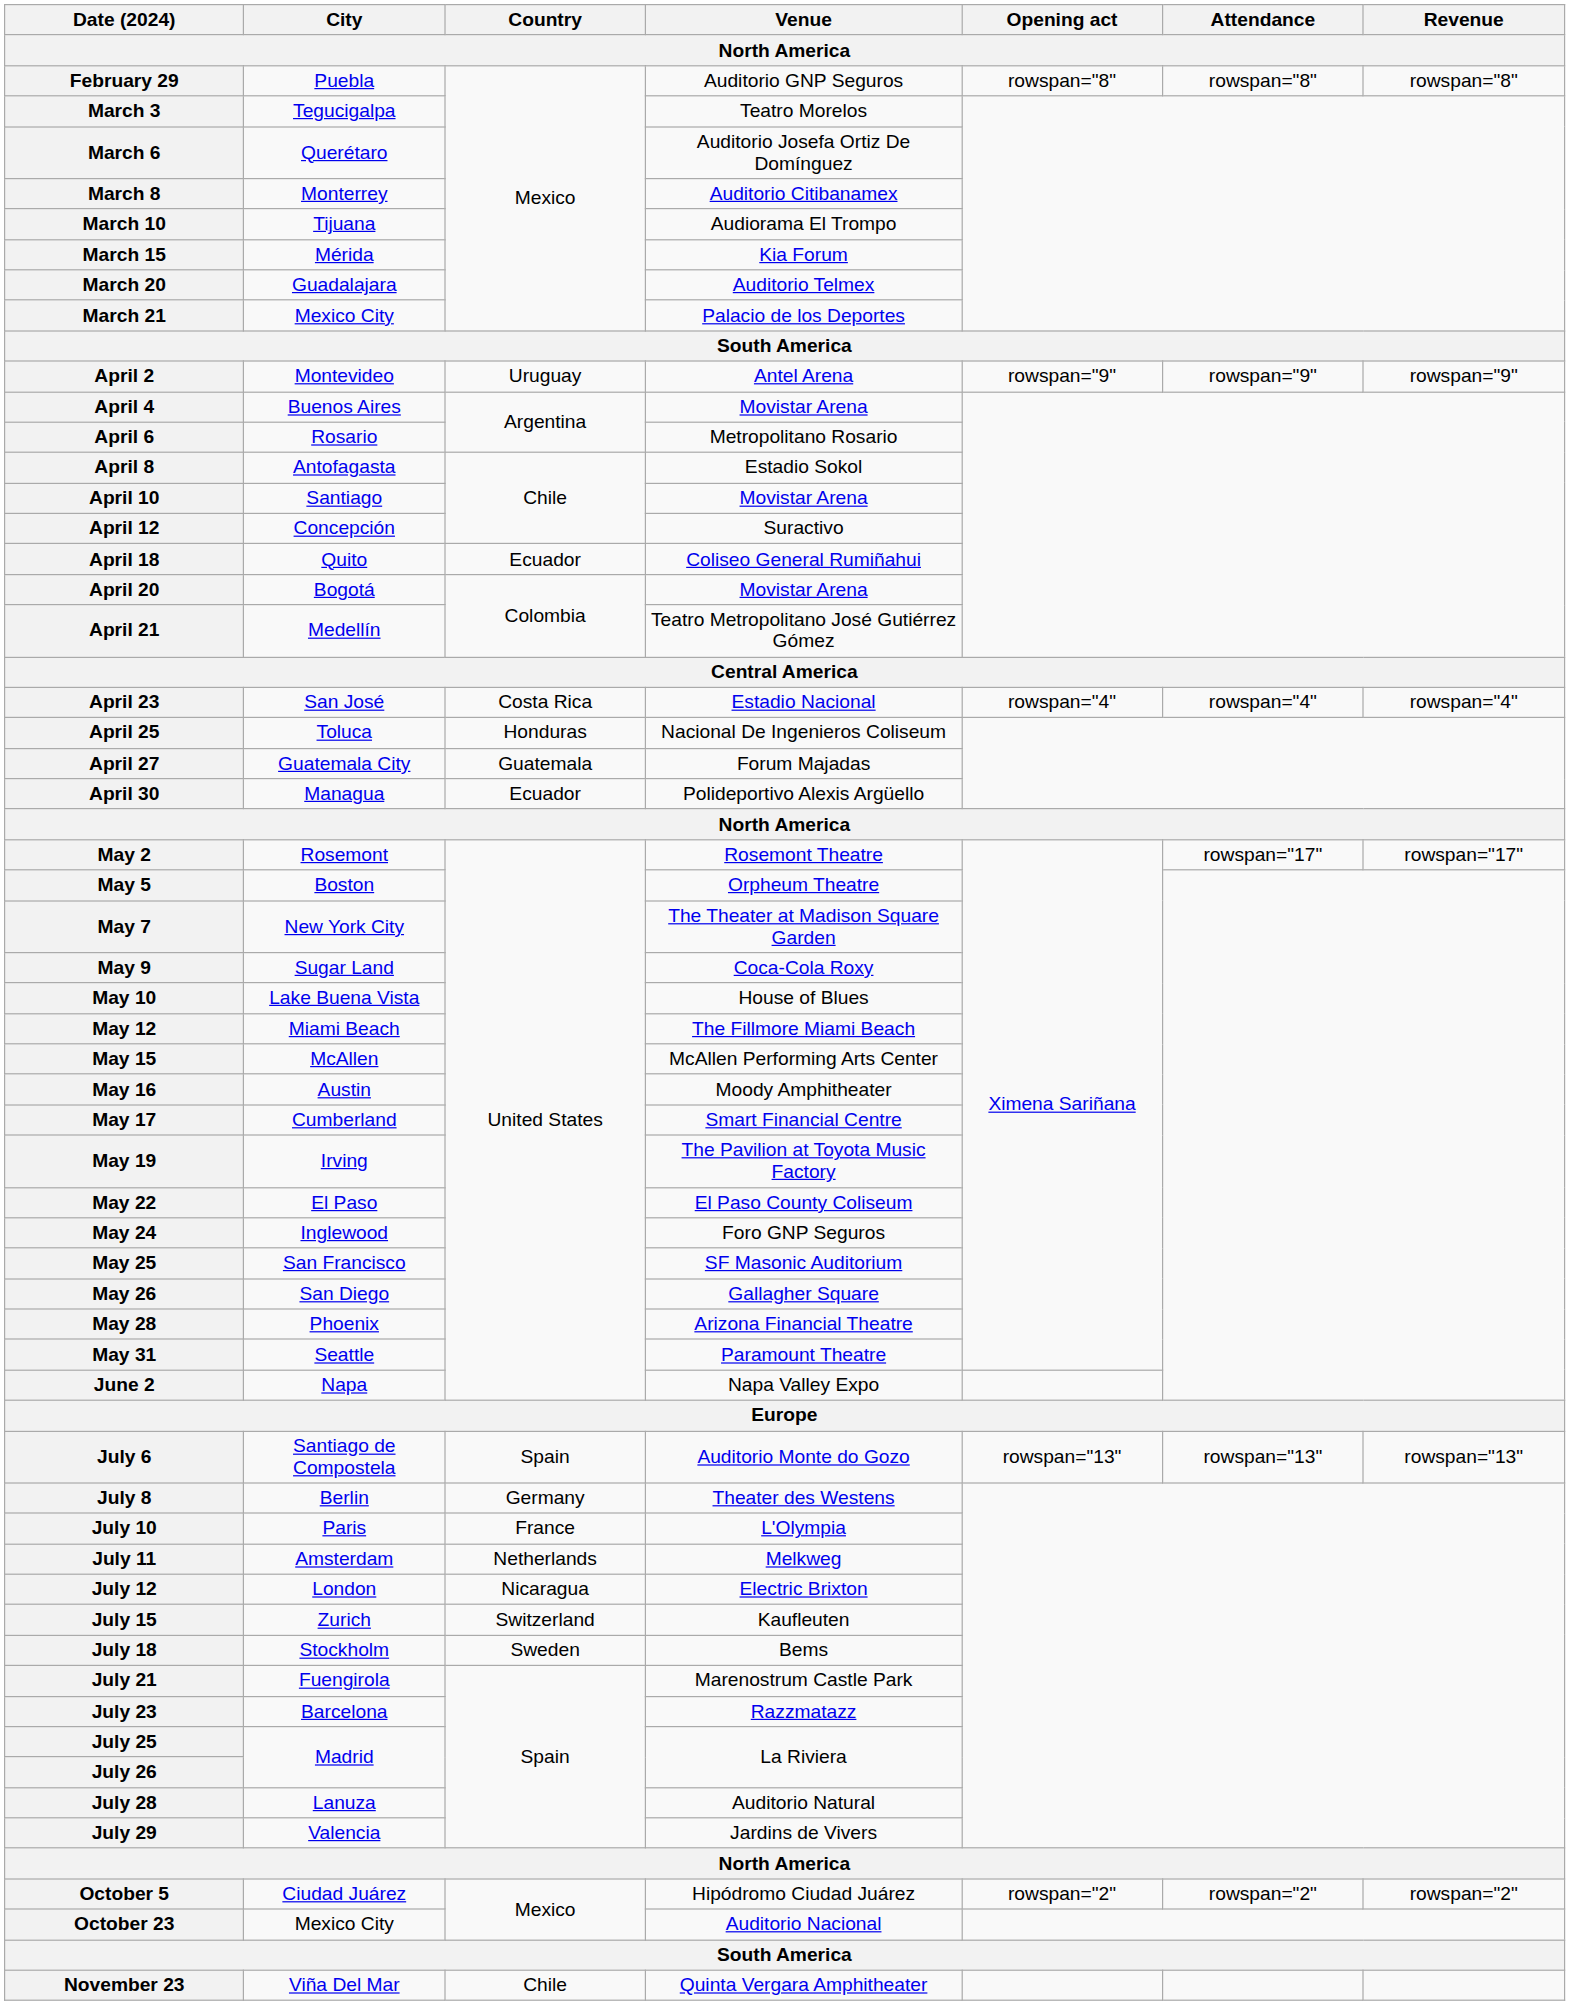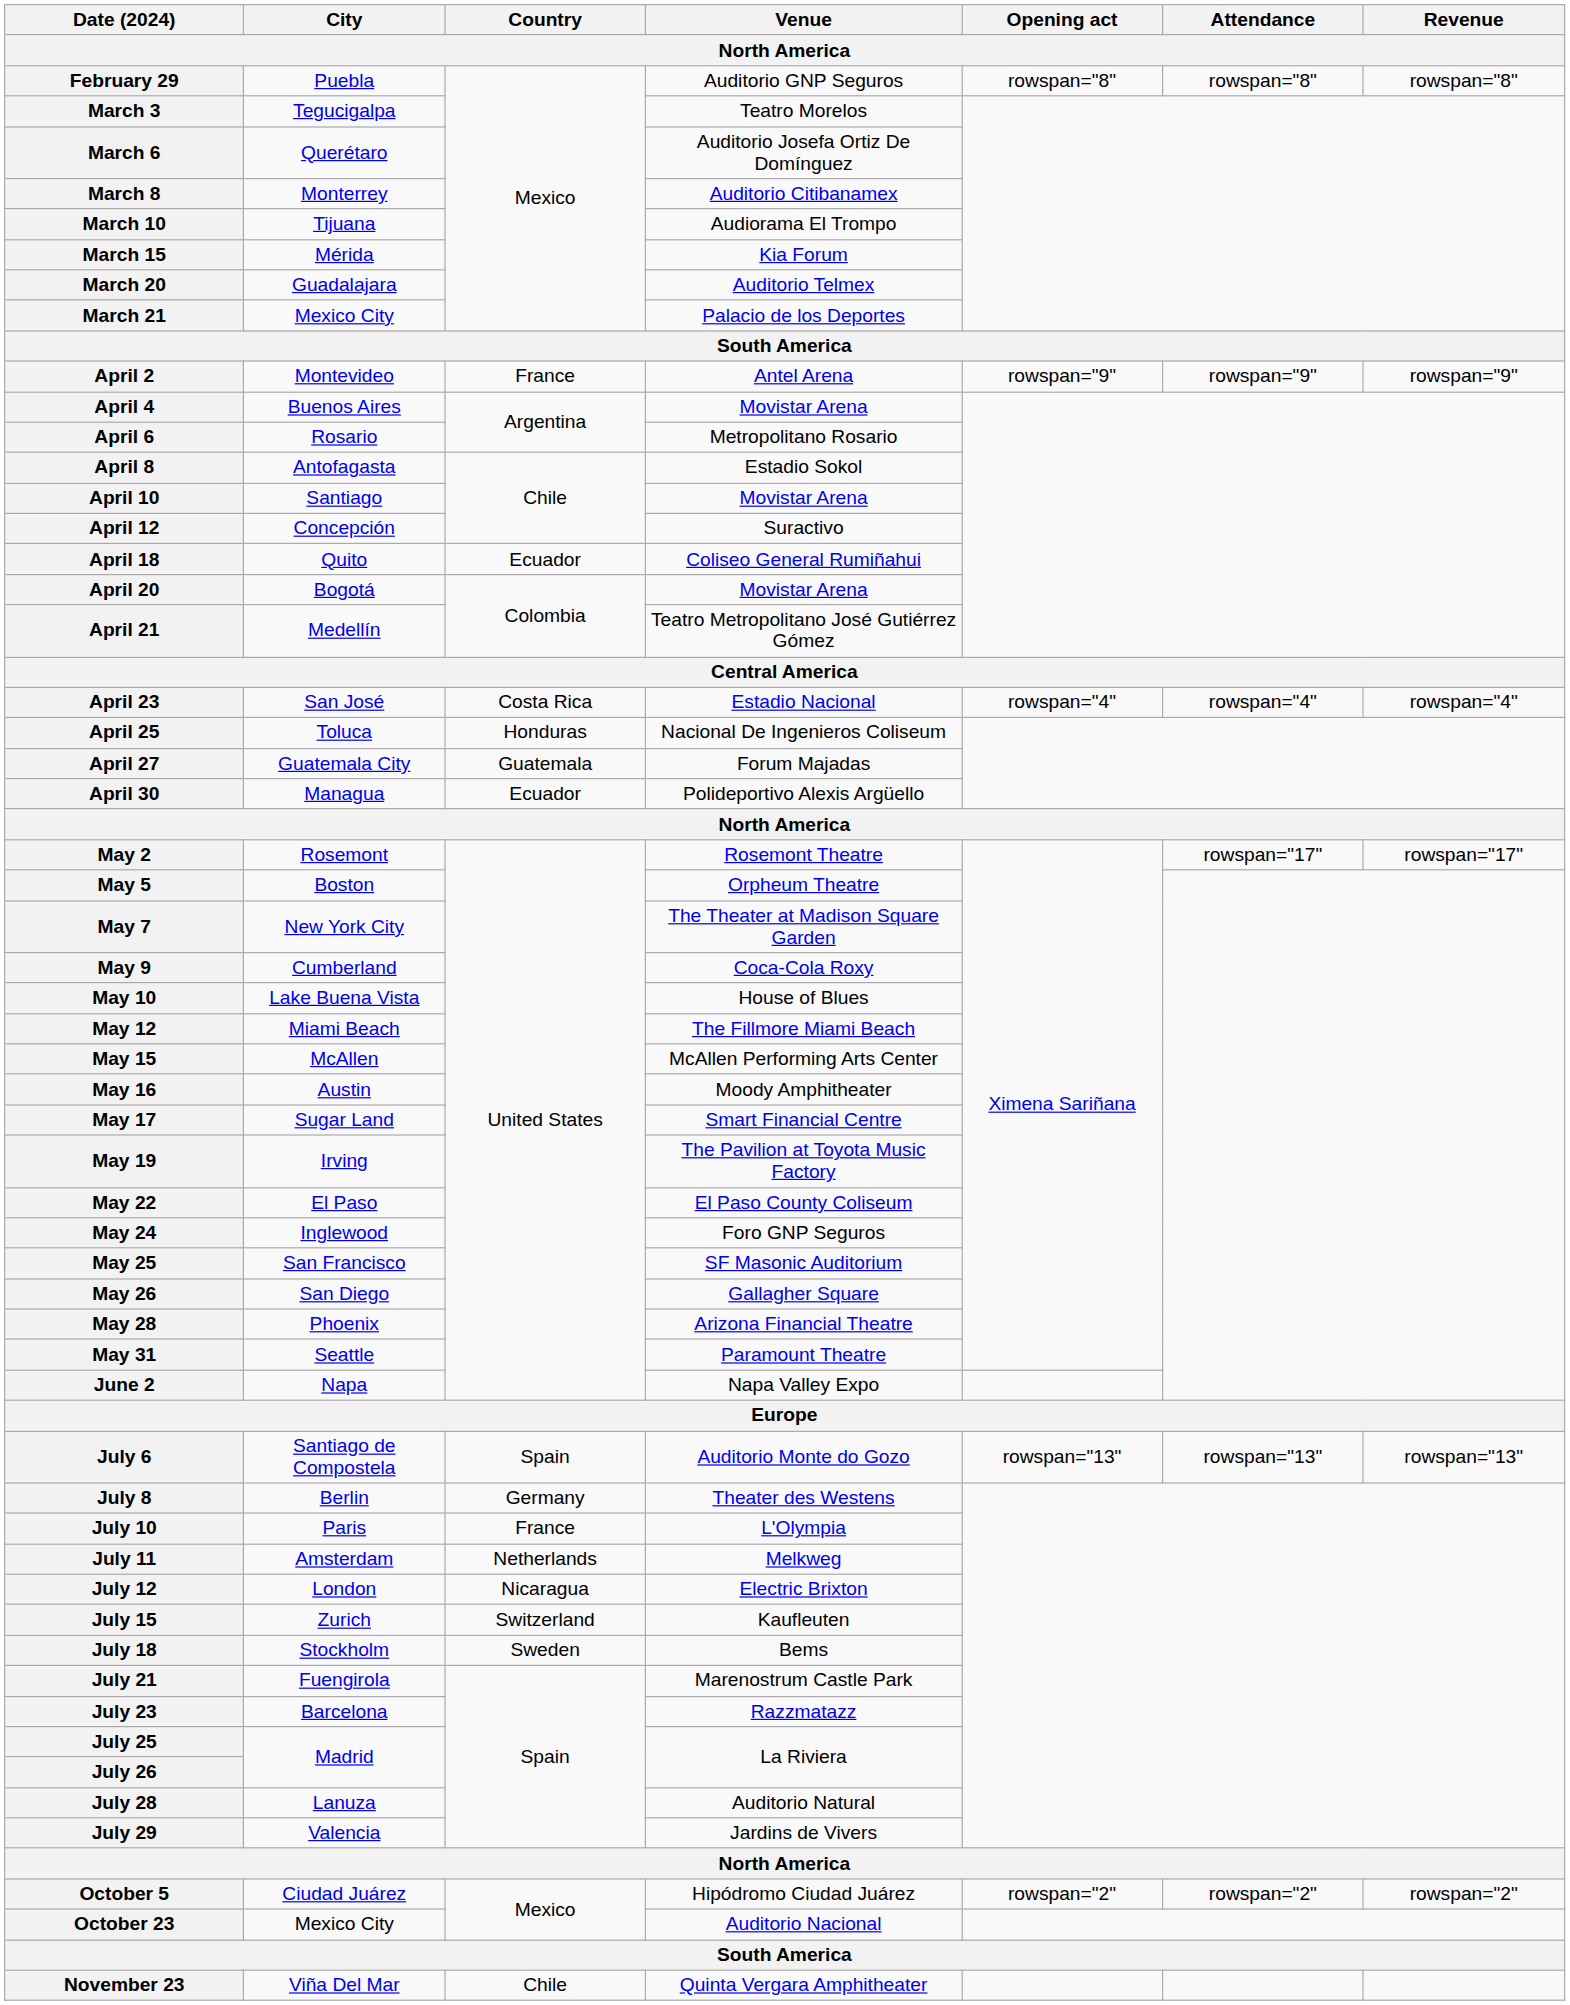 <table class="wikitable plainrowheaders" style="text-align:center;">
 <tr>
 <th scope="col" style="width:12em;">Date (2024)</th>
 <th scope="col" style="width:10em;">City</th>
 <th scope="col" style="width:10em;">Country</th>
 <th scope="col" style="width:16em;">Venue</th>
 <th scope="col" style="width:10em;">Opening act</th>
 <th scope="col" style="width:10em;">Attendance</th>
 <th scope="col" style="width:10em;">Revenue</th>
 </tr>
 <tr>
 <th colspan="7">North America</th>
 </tr>
 <tr>
 <th scope="row" style="text-align:center;">February 29</th>
 <td><a href='#'>Puebla</a></td>
 <td rowspan="8">Mexico</td>
 <td>Auditorio GNP Seguros</td>
 <td>rowspan="8" </td>
 <td>rowspan="8" </td>
 <td>rowspan="8" </td>
 </tr>
 <tr>
 <th scope="row" style="text-align:center;">March 3</th>
 <td><a href='#'>Tegucigalpa</a></td>
 <td>Teatro Morelos</td>
 </tr>
 <tr>
 <th scope="row" style="text-align:center;">March 6</th>
 <td><a href='#'>Querétaro</a></td>
 <td>Auditorio Josefa Ortiz De Domínguez</td>
 </tr>
 <tr>
 <th scope="row" style="text-align:center;">March 8</th>
 <td><a href='#'>Monterrey</a></td>
 <td><a href='#'>Auditorio Citibanamex</a></td>
 </tr>
 <tr>
 <th scope="row" style="text-align:center;">March 10</th>
 <td><a href='#'>Tijuana</a></td>
 <td>Audiorama El Trompo</td>
 </tr>
 <tr>
 <th scope="row" style="text-align:center;">March 15</th>
 <td><a href='#'>Mérida</a></td>
 <td><a href='#'>Kia Forum</a></td>
 </tr>
 <tr>
 <th scope="row" style="text-align:center;">March 20</th>
 <td><a href='#'>Guadalajara</a></td>
 <td><a href='#'>Auditorio Telmex</a></td>
 </tr>
 <tr>
 <th scope="row" style="text-align:center;">March 21</th>
 <td><a href='#'>Mexico City</a></td>
 <td><a href='#'>Palacio de los Deportes</a></td>
 </tr>
 <tr>
 <th colspan="7">South America</th>
 </tr>
 <tr>
 <th scope="row" style="text-align:center;">April 2</th>
 <td><a href='#'>Montevideo</a></td>
-<td>Uruguay</td>
+<td>France</td>
 <td><a href='#'>Antel Arena</a></td>
 <td>rowspan="9" </td>
 <td>rowspan="9" </td>
 <td>rowspan="9" </td>
 </tr>
 <tr>
 <th scope="row" style="text-align:center;">April 4</th>
 <td><a href='#'>Buenos Aires</a></td>
 <td rowspan="2">Argentina</td>
 <td><a href='#'>Movistar Arena</a></td>
 </tr>
 <tr>
 <th scope="row" style="text-align:center;">April 6</th>
 <td><a href='#'>Rosario</a></td>
 <td>Metropolitano Rosario</td>
 </tr>
 <tr>
 <th scope="row" style="text-align:center;">April 8</th>
 <td><a href='#'>Antofagasta</a></td>
 <td rowspan="3">Chile</td>
 <td>Estadio Sokol</td>
 </tr>
 <tr>
 <th scope="row" style="text-align:center;">April 10</th>
 <td><a href='#'>Santiago</a></td>
 <td><a href='#'>Movistar Arena</a></td>
 </tr>
 <tr>
 <th scope="row" style="text-align:center;">April 12</th>
 <td><a href='#'>Concepción</a></td>
 <td>Suractivo</td>
 </tr>
 <tr>
 <th scope="row" style="text-align:center;">April 18</th>
 <td><a href='#'>Quito</a></td>
 <td>Ecuador</td>
 <td><a href='#'>Coliseo General Rumiñahui</a></td>
 </tr>
 <tr>
 <th scope="row" style="text-align:center;">April 20</th>
 <td><a href='#'>Bogotá</a></td>
 <td rowspan="2">Colombia</td>
 <td><a href='#'>Movistar Arena</a></td>
 </tr>
 <tr>
 <th scope="row" style="text-align:center;">April 21</th>
 <td><a href='#'>Medellín</a></td>
 <td>Teatro Metropolitano José Gutiérrez Gómez</td>
 </tr>
 <tr>
 <th colspan="7">Central America</th>
 </tr>
 <tr>
 <th scope="row" style="text-align:center;">April 23</th>
 <td><a href='#'>San José</a></td>
 <td>Costa Rica</td>
 <td><a href='#'>Estadio Nacional</a></td>
 <td>rowspan="4" </td>
 <td>rowspan="4" </td>
 <td>rowspan="4" </td>
 </tr>
 <tr>
 <th scope="row" style="text-align:center;">April 25</th>
 <td><a href='#'>Toluca</a></td>
 <td>Honduras</td>
 <td>Nacional De Ingenieros Coliseum</td>
 </tr>
 <tr>
 <th scope="row" style="text-align:center;">April 27</th>
 <td><a href='#'>Guatemala City</a></td>
 <td>Guatemala</td>
 <td>Forum Majadas</td>
 </tr>
 <tr>
 <th scope="row" style="text-align:center;">April 30</th>
 <td><a href='#'>Managua</a></td>
 <td>Ecuador</td>
 <td>Polideportivo Alexis Argüello</td>
 </tr>
 <tr>
 <th colspan="7">North America</th>
 </tr>
 <tr>
 <th scope="row" style="text-align:center;">May 2</th>
 <td><a href='#'>Rosemont</a></td>
 <td rowspan="17">United States</td>
 <td><a href='#'>Rosemont Theatre</a></td>
 <td rowspan="16"><a href='#'>Ximena Sariñana</a></td>
 <td>rowspan="17" </td>
 <td>rowspan="17" </td>
 </tr>
 <tr>
 <th scope="row" style="text-align:center;">May 5</th>
 <td><a href='#'>Boston</a></td>
 <td><a href='#'>Orpheum Theatre</a></td>
 </tr>
 <tr>
 <th scope="row" style="text-align:center;">May 7</th>
 <td><a href='#'>New York City</a></td>
 <td><a href='#'>The Theater at Madison Square Garden</a></td>
 </tr>
 <tr>
 <th scope="row" style="text-align:center;">May 9</th>
-<td><a href='#'>Sugar Land</a></td>
+<td><a href='#'>Cumberland</a></td>
 <td><a href='#'>Coca-Cola Roxy</a></td>
 </tr>
 <tr>
 <th scope="row" style="text-align:center;">May 10</th>
 <td><a href='#'>Lake Buena Vista</a></td>
 <td>House of Blues</td>
 </tr>
 <tr>
 <th scope="row" style="text-align:center;">May 12</th>
 <td><a href='#'>Miami Beach</a></td>
 <td><a href='#'>The Fillmore Miami Beach</a></td>
 </tr>
 <tr>
 <th scope="row" style="text-align:center;">May 15</th>
 <td><a href='#'>McAllen</a></td>
 <td>McAllen Performing Arts Center</td>
 </tr>
 <tr>
 <th scope="row" style="text-align:center;">May 16</th>
 <td><a href='#'>Austin</a></td>
 <td>Moody Amphitheater</td>
 </tr>
 <tr>
 <th scope="row" style="text-align:center;">May 17</th>
-<td><a href='#'>Cumberland</a></td>
+<td><a href='#'>Sugar Land</a></td>
 <td><a href='#'>Smart Financial Centre</a></td>
 </tr>
 <tr>
 <th scope="row" style="text-align:center;">May 19</th>
 <td><a href='#'>Irving</a></td>
 <td><a href='#'>The Pavilion at Toyota Music Factory</a></td>
 </tr>
 <tr>
 <th scope="row" style="text-align:center;">May 22</th>
 <td><a href='#'>El Paso</a></td>
 <td><a href='#'>El Paso County Coliseum</a></td>
 </tr>
 <tr>
 <th scope="row" style="text-align:center;">May 24</th>
 <td><a href='#'>Inglewood</a></td>
 <td>Foro GNP Seguros</td>
 </tr>
 <tr>
 <th scope="row" style="text-align:center;">May 25</th>
 <td><a href='#'>San Francisco</a></td>
 <td><a href='#'>SF Masonic Auditorium</a></td>
 </tr>
 <tr>
 <th scope="row" style="text-align:center;">May 26</th>
 <td><a href='#'>San Diego</a></td>
 <td><a href='#'>Gallagher Square</a></td>
 </tr>
 <tr>
 <th scope="row" style="text-align:center;">May 28</th>
 <td><a href='#'>Phoenix</a></td>
 <td><a href='#'>Arizona Financial Theatre</a></td>
 </tr>
 <tr>
 <th scope="row" style="text-align:center;">May 31</th>
 <td><a href='#'>Seattle</a></td>
 <td><a href='#'>Paramount Theatre</a></td>
 </tr>
 <tr>
 <th scope="row" style="text-align:center;">June 2</th>
 <td><a href='#'>Napa</a></td>
 <td>Napa Valley Expo</td>
 <td></td>
 </tr>
 <tr>
 <th colspan="7">Europe</th>
 </tr>
 <tr>
 <th scope="row" style="text-align:center;">July 6</th>
 <td><a href='#'>Santiago de Compostela</a></td>
 <td>Spain</td>
 <td><a href='#'>Auditorio Monte do Gozo</a></td>
 <td>rowspan="13" </td>
 <td>rowspan="13" </td>
 <td>rowspan="13" </td>
 </tr>
 <tr>
 <th scope="row" style="text-align:center;">July 8</th>
 <td><a href='#'>Berlin</a></td>
 <td>Germany</td>
 <td><a href='#'>Theater des Westens</a></td>
 </tr>
 <tr>
 <th scope="row" style="text-align:center;">July 10</th>
 <td><a href='#'>Paris</a></td>
 <td>France</td>
 <td><a href='#'>L'Olympia</a></td>
 </tr>
 <tr>
 <th scope="row" style="text-align:center;">July 11</th>
 <td><a href='#'>Amsterdam</a></td>
 <td>Netherlands</td>
 <td><a href='#'>Melkweg</a></td>
 </tr>
 <tr>
 <th scope="row" style="text-align:center;">July 12</th>
 <td><a href='#'>London</a></td>
 <td>Nicaragua</td>
 <td><a href='#'>Electric Brixton</a></td>
 </tr>
 <tr>
 <th scope="row" style="text-align:center;">July 15</th>
 <td><a href='#'>Zurich</a></td>
 <td>Switzerland</td>
 <td>Kaufleuten</td>
 </tr>
 <tr>
 <th scope="row" style="text-align:center;">July 18</th>
 <td><a href='#'>Stockholm</a></td>
 <td>Sweden</td>
 <td>Bems</td>
 </tr>
 <tr>
 <th scope="row" style="text-align:center;">July 21</th>
 <td><a href='#'>Fuengirola</a></td>
 <td rowspan="6">Spain</td>
 <td>Marenostrum Castle Park</td>
 </tr>
 <tr>
 <th scope="row" style="text-align:center;">July 23</th>
 <td><a href='#'>Barcelona</a></td>
 <td><a href='#'>Razzmatazz</a></td>
 </tr>
 <tr>
 <th scope="row" style="text-align:center;">July 25</th>
 <td rowspan="2"><a href='#'>Madrid</a></td>
 <td rowspan="2">La Riviera</td>
 </tr>
 <tr>
 <th scope="row" style="text-align:center;">July 26</th>
 </tr>
 <tr>
 <th scope="row" style="text-align:center;">July 28</th>
 <td><a href='#'>Lanuza</a></td>
 <td>Auditorio Natural</td>
 </tr>
 <tr>
 <th scope="row" style="text-align:center;">July 29</th>
 <td><a href='#'>Valencia</a></td>
 <td>Jardins de Vivers</td>
 </tr>
 <tr>
 <th colspan="7">North America</th>
 </tr>
 <tr>
 <th scope="row" style="text-align:center;">October 5</th>
 <td><a href='#'>Ciudad Juárez</a></td>
 <td rowspan="2">Mexico</td>
 <td>Hipódromo Ciudad Juárez</td>
 <td>rowspan="2" </td>
 <td>rowspan="2" </td>
 <td>rowspan="2" </td>
 </tr>
 <tr>
 <th scope="row" style="text-align:center;">October 23</th>
 <td>Mexico City</td>
 <td><a href='#'>Auditorio Nacional</a></td>
 </tr>
 <tr>
 <th colspan="7">South America</th>
 </tr>
 <tr>
 <th scope="row" style="text-align:center;">November 23</th>
 <td><a href='#'>Viña Del Mar</a></td>
 <td>Chile</td>
 <td><a href='#'>Quinta Vergara Amphitheater</a></td>
 <td></td>
 <td></td>
 <td></td>
 </tr>
 </table>
